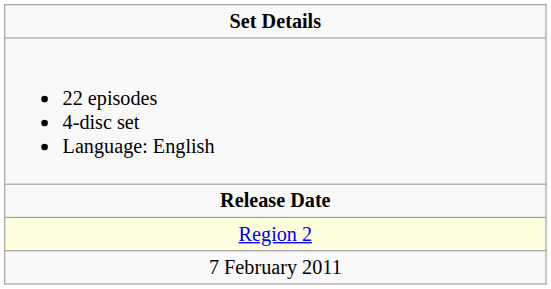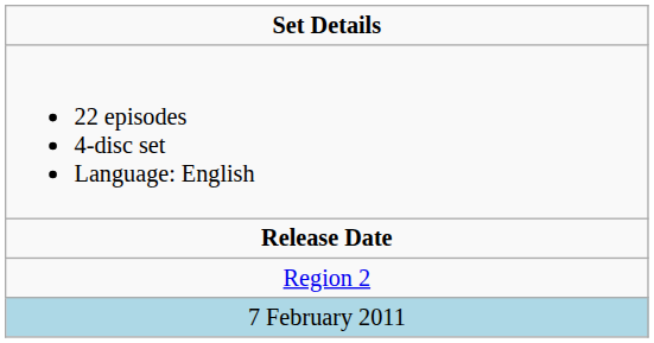 <table class="wikitable" style="font-size: 95%;">
 <tr valign="top">
 <td align="center" width="400" colspan="3"><strong>Set Details</strong></td>
 </tr>
 <tr valign="top">
 <td colspan="3" align="left" width="400"><br><ul><li>22 episodes</li><li>4-disc set</li><li>Language: English</li></ul></td>
 </tr>
 <tr>
 <td colspan="3" align="center"><strong>Release Date</strong></td>
 </tr>
 <tr>
-<td align="center" style="background: lightyellow;"><a href='#'>Region 2</a></td>
+<td align="center"><a href='#'>Region 2</a></td>
 </tr>
 <tr>
-<td align="center">7 February 2011</td>
+<td align="center" style="background: lightblue;">7 February 2011</td>
 </tr>
 </table>
